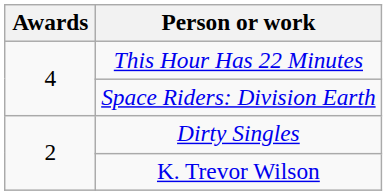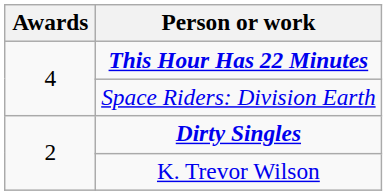 <table class="wikitable sortable" style="text-align:center">
 <tr>
 <th scope="col" style="width:55px;">Awards</th>
 <th scope="col" style="text-align:center;">Person or work</th>
 </tr>
 <tr>
 <td rowspan=2 style="text-align:center">4</td>
-<td><em><a href='#'>This Hour Has 22 Minutes</a></em></td>
+<td><strong><em><a href='#'>This Hour Has 22 Minutes</a></em></strong></td>
 </tr>
 <tr>
 <td><em><a href='#'>Space Riders: Division Earth</a></em></td>
 </tr>
 <tr>
 <td rowspan=2 style="text-align:center">2</td>
-<td><em><a href='#'>Dirty Singles</a></em></td>
+<td><strong><em><a href='#'>Dirty Singles</a></em></strong></td>
 </tr>
 <tr>
 <td><a href='#'>K. Trevor Wilson</a></td>
 </tr>
 </table>
